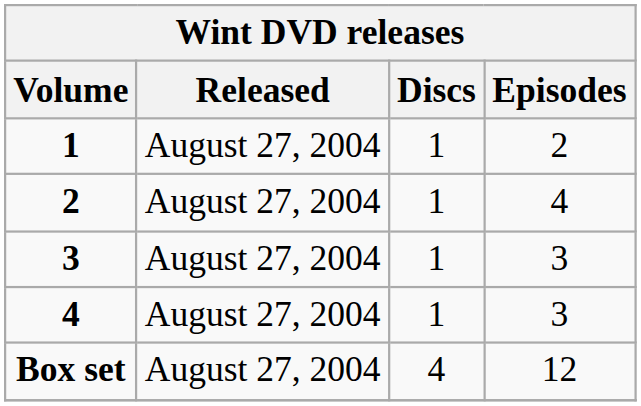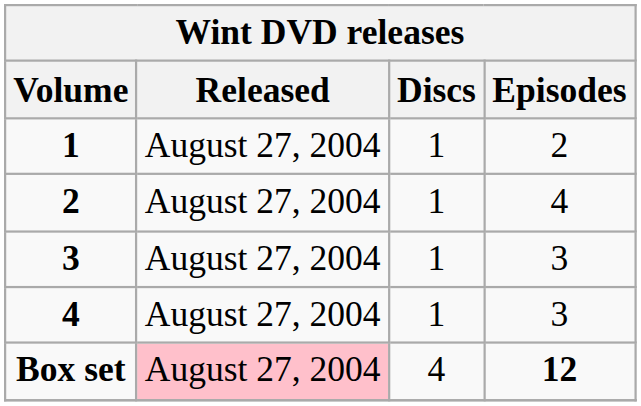 <table class="wikitable">
 <tr>
 <th colspan="9"><strong>Wint DVD releases</strong></th>
 </tr>
 <tr>
 <th><strong>Volume</strong></th>
 <th><strong>Released</strong></th>
 <th><strong>Discs</strong></th>
 <th><strong>Episodes</strong></th>
 </tr>
 <tr>
 <td align=center><strong>1</strong></td>
 <td>August 27, 2004</td>
 <td align=center>1</td>
 <td align=center>2</td>
 </tr>
 <tr>
 <td align=center><strong>2</strong></td>
 <td>August 27, 2004</td>
 <td align=center>1</td>
 <td align=center>4</td>
 </tr>
 <tr>
 <td align=center><strong>3</strong></td>
 <td>August 27, 2004</td>
 <td align=center>1</td>
 <td align=center>3</td>
 </tr>
 <tr>
 <td align=center><strong>4</strong></td>
 <td>August 27, 2004</td>
 <td align=center>1</td>
 <td align=center>3</td>
 </tr>
 <tr>
 <td align=center><strong>Box set</strong></td>
-<td>August 27, 2004</td>
+<td style="background: pink;">August 27, 2004</td>
 <td align=center>4</td>
-<td align=center>12</td>
+<td align=center><strong>12</strong></td>
 </tr>
 <tr>
 </tr>
 </table>
